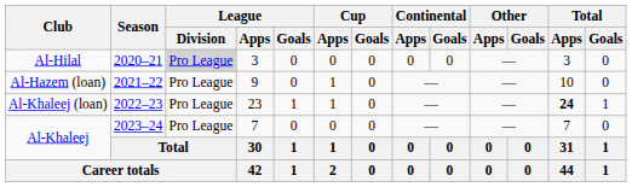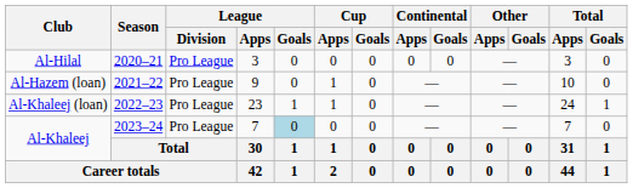 <table class="wikitable" style="text-align: center">
 <tr>
 <th rowspan="2">Club</th>
 <th rowspan="2">Season</th>
 <th colspan="3">League</th>
 <th colspan="2">Cup</th>
 <th colspan="2">Continental</th>
 <th colspan="2">Other</th>
 <th colspan="2">Total</th>
 </tr>
 <tr>
 <th>Division</th>
 <th>Apps</th>
 <th>Goals</th>
 <th>Apps</th>
 <th>Goals</th>
 <th>Apps</th>
 <th>Goals</th>
 <th>Apps</th>
 <th>Goals</th>
 <th>Apps</th>
 <th>Goals</th>
 </tr>
 <tr>
 <td rowspan=1><a href='#'>Al-Hilal</a></td>
 <td><a href='#'>2020–21</a></td>
-<td style="background: lightgrey;"><a href='#'>Pro League</a></td>
+<td><a href='#'>Pro League</a></td>
 <td>3</td>
 <td>0</td>
 <td>0</td>
 <td>0</td>
 <td>0</td>
 <td>0</td>
 <td colspan=2>—</td>
 <td>3</td>
 <td>0</td>
 </tr>
 <tr>
 <td rowspan=1><a href='#'>Al-Hazem</a> (loan)</td>
 <td><a href='#'>2021–22</a></td>
 <td>Pro League</td>
 <td>9</td>
 <td>0</td>
 <td>1</td>
 <td>0</td>
 <td colspan=2>—</td>
 <td colspan=2>—</td>
 <td>10</td>
 <td>0</td>
 </tr>
 <tr>
 <td rowspan=1><a href='#'>Al-Khaleej</a> (loan)</td>
 <td><a href='#'>2022–23</a></td>
 <td>Pro League</td>
 <td>23</td>
 <td>1</td>
 <td>1</td>
 <td>0</td>
 <td colspan=2>—</td>
 <td colspan=2>—</td>
-<td><strong>24</strong></td>
+<td>24</td>
 <td>1</td>
 </tr>
 <tr>
 <td rowspan=2><a href='#'>Al-Khaleej</a></td>
 <td><a href='#'>2023–24</a></td>
 <td>Pro League</td>
 <td>7</td>
-<td>0</td>
+<td style="background: lightblue;">0</td>
 <td>0</td>
 <td>0</td>
 <td colspan=2>—</td>
 <td colspan=2>—</td>
 <td>7</td>
 <td>0</td>
 </tr>
 <tr>
 <th colspan=2>Total</th>
 <th>30</th>
 <th>1</th>
 <th>1</th>
 <th>0</th>
 <th>0</th>
 <th>0</th>
 <th>0</th>
 <th>0</th>
 <th>31</th>
 <th>1</th>
 </tr>
 <tr>
 <th colspan=3>Career totals</th>
 <th>42</th>
 <th>1</th>
 <th>2</th>
 <th>0</th>
 <th>0</th>
 <th>0</th>
 <th>0</th>
 <th>0</th>
 <th>44</th>
 <th>1</th>
 </tr>
 </table>
